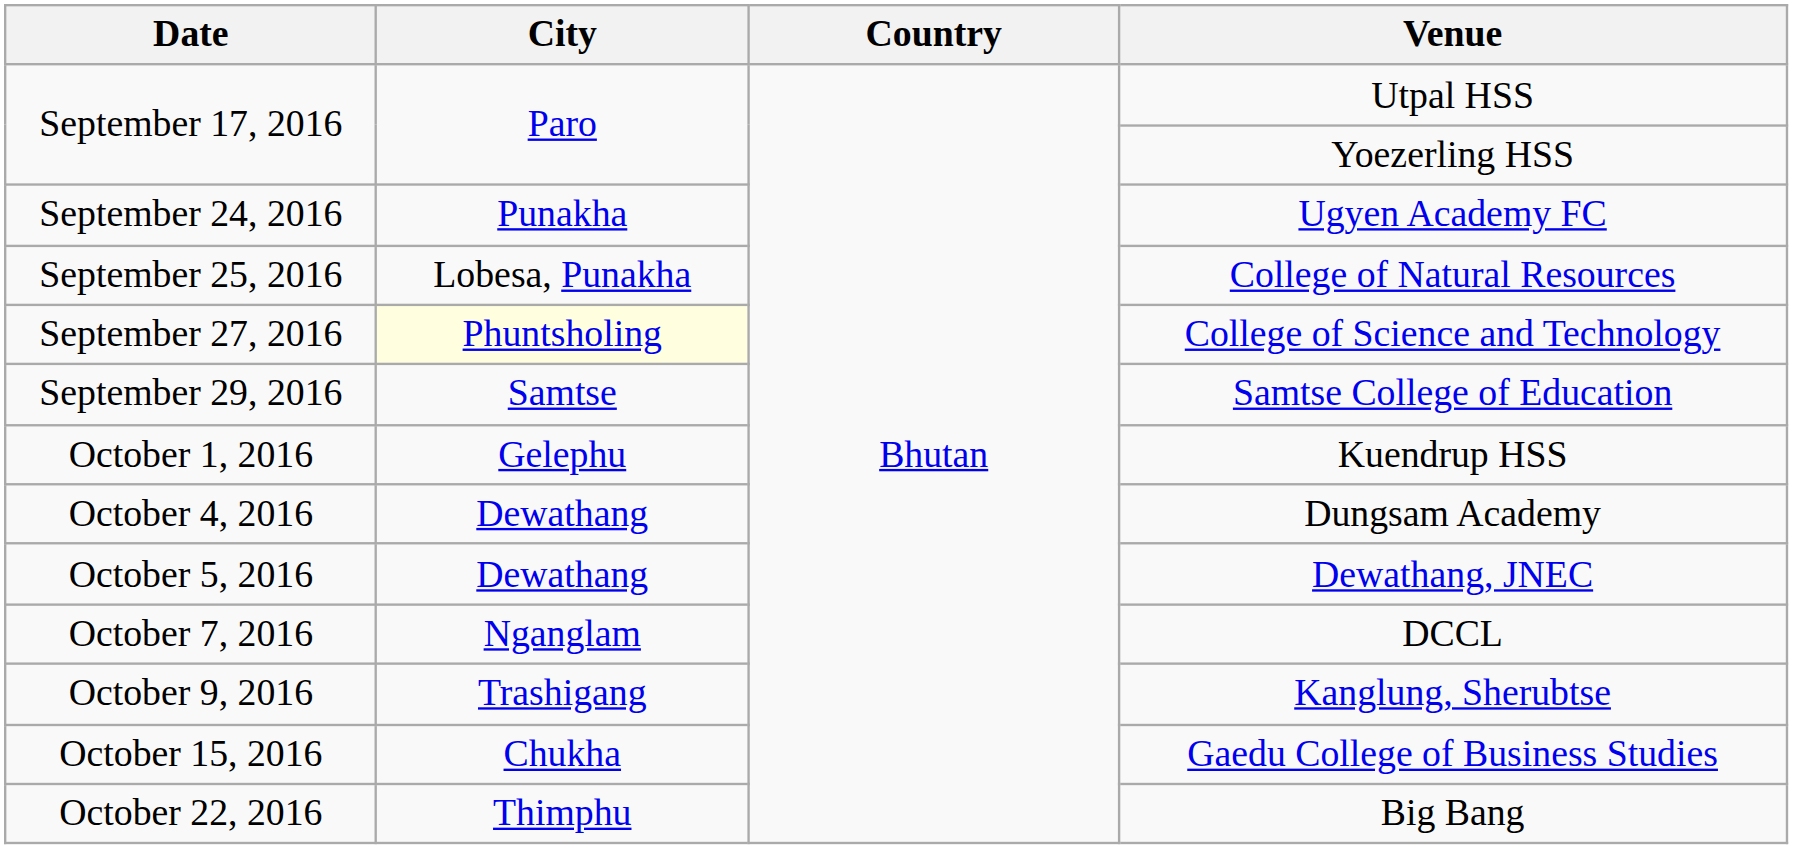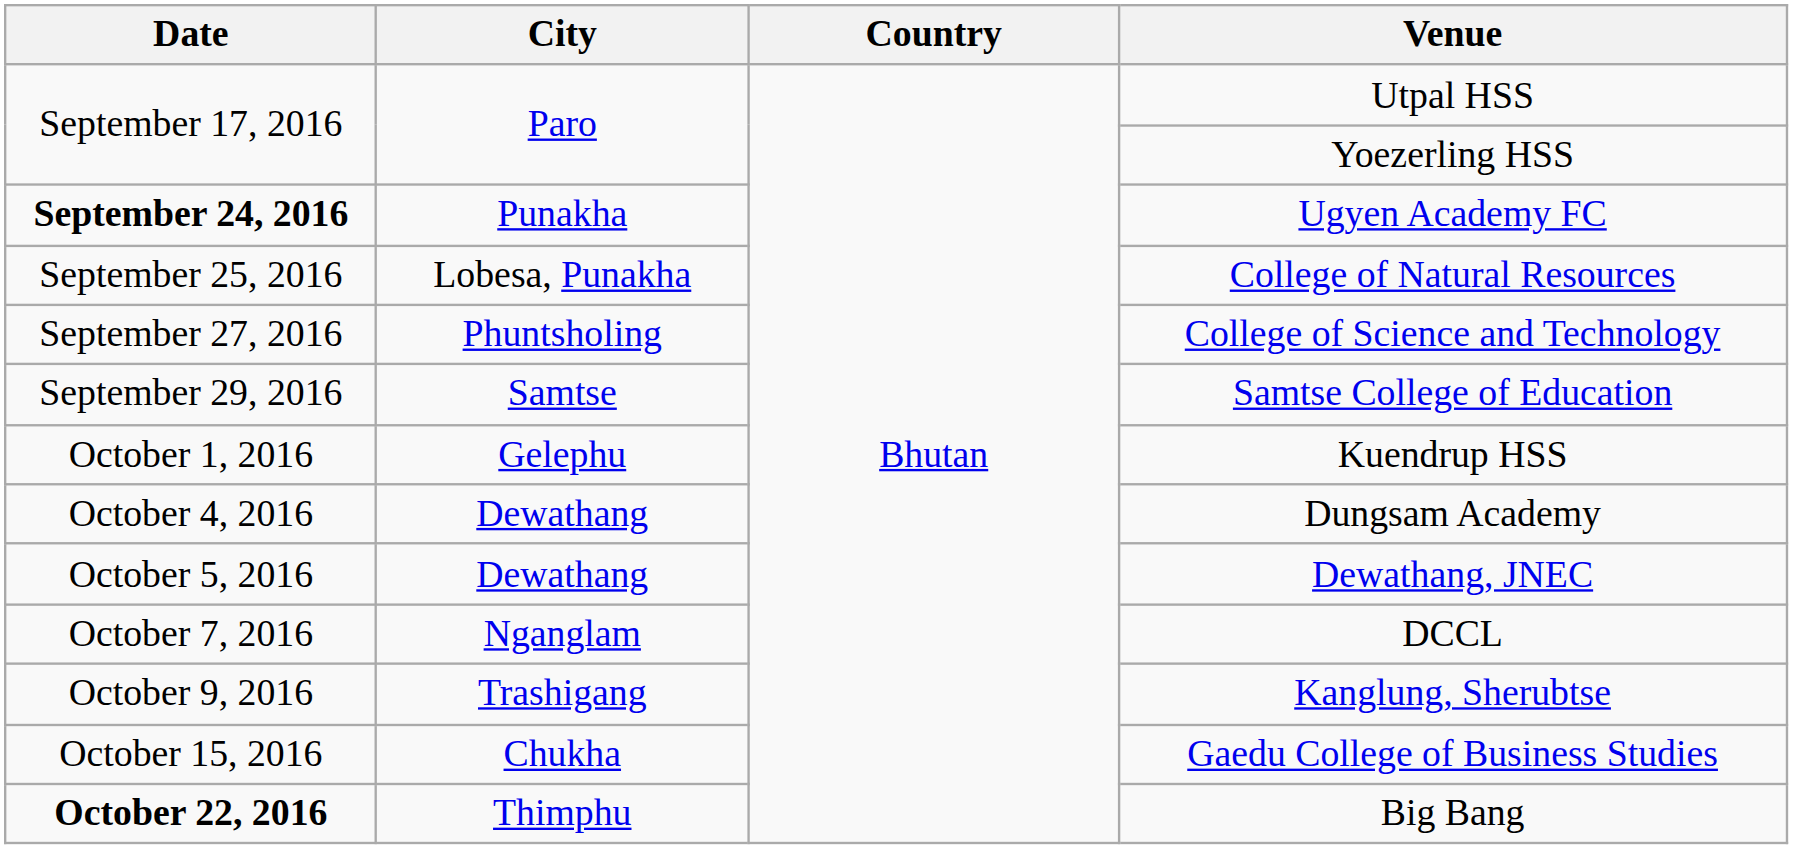 <table class="wikitable" style="text-align:center;">
 <tr>
 <th width="150">Date</th>
 <th width="150">City</th>
 <th width="150">Country</th>
 <th width="275">Venue</th>
 </tr>
 <tr>
 <td rowspan="2">September 17, 2016</td>
 <td rowspan="2"><a href='#'>Paro</a></td>
 <td rowspan="13"><a href='#'>Bhutan</a></td>
 <td>Utpal HSS</td>
 </tr>
 <tr>
 <td>Yoezerling HSS</td>
 </tr>
 <tr>
-<td>September 24, 2016</td>
+<td><strong>September 24, 2016</strong></td>
 <td><a href='#'>Punakha</a></td>
 <td><a href='#'>Ugyen Academy FC</a></td>
 </tr>
 <tr>
 <td>September 25, 2016</td>
 <td>Lobesa, <a href='#'>Punakha</a></td>
 <td><a href='#'>College of Natural Resources</a></td>
 </tr>
 <tr>
 <td>September 27, 2016</td>
-<td style="background: lightyellow;"><a href='#'>Phuntsholing</a></td>
+<td><a href='#'>Phuntsholing</a></td>
 <td><a href='#'>College of Science and Technology</a></td>
 </tr>
 <tr>
 <td>September 29, 2016</td>
 <td><a href='#'>Samtse</a></td>
 <td><a href='#'>Samtse College of Education</a></td>
 </tr>
 <tr>
 <td>October 1, 2016</td>
 <td><a href='#'>Gelephu</a></td>
 <td>Kuendrup HSS</td>
 </tr>
 <tr>
 <td>October 4, 2016</td>
 <td><a href='#'>Dewathang</a></td>
 <td>Dungsam Academy</td>
 </tr>
 <tr>
 <td>October 5, 2016</td>
 <td><a href='#'>Dewathang</a></td>
 <td><a href='#'>Dewathang, JNEC</a></td>
 </tr>
 <tr>
 <td>October 7, 2016</td>
 <td><a href='#'>Nganglam</a></td>
 <td>DCCL</td>
 </tr>
 <tr>
 <td>October 9, 2016</td>
 <td><a href='#'>Trashigang</a></td>
 <td><a href='#'>Kanglung, Sherubtse</a></td>
 </tr>
 <tr>
 <td>October 15, 2016</td>
 <td><a href='#'>Chukha</a></td>
 <td><a href='#'>Gaedu College of Business Studies</a></td>
 </tr>
 <tr>
-<td>October 22, 2016</td>
+<td><strong>October 22, 2016</strong></td>
 <td><a href='#'>Thimphu</a></td>
 <td>Big Bang</td>
 </tr>
 </table>
